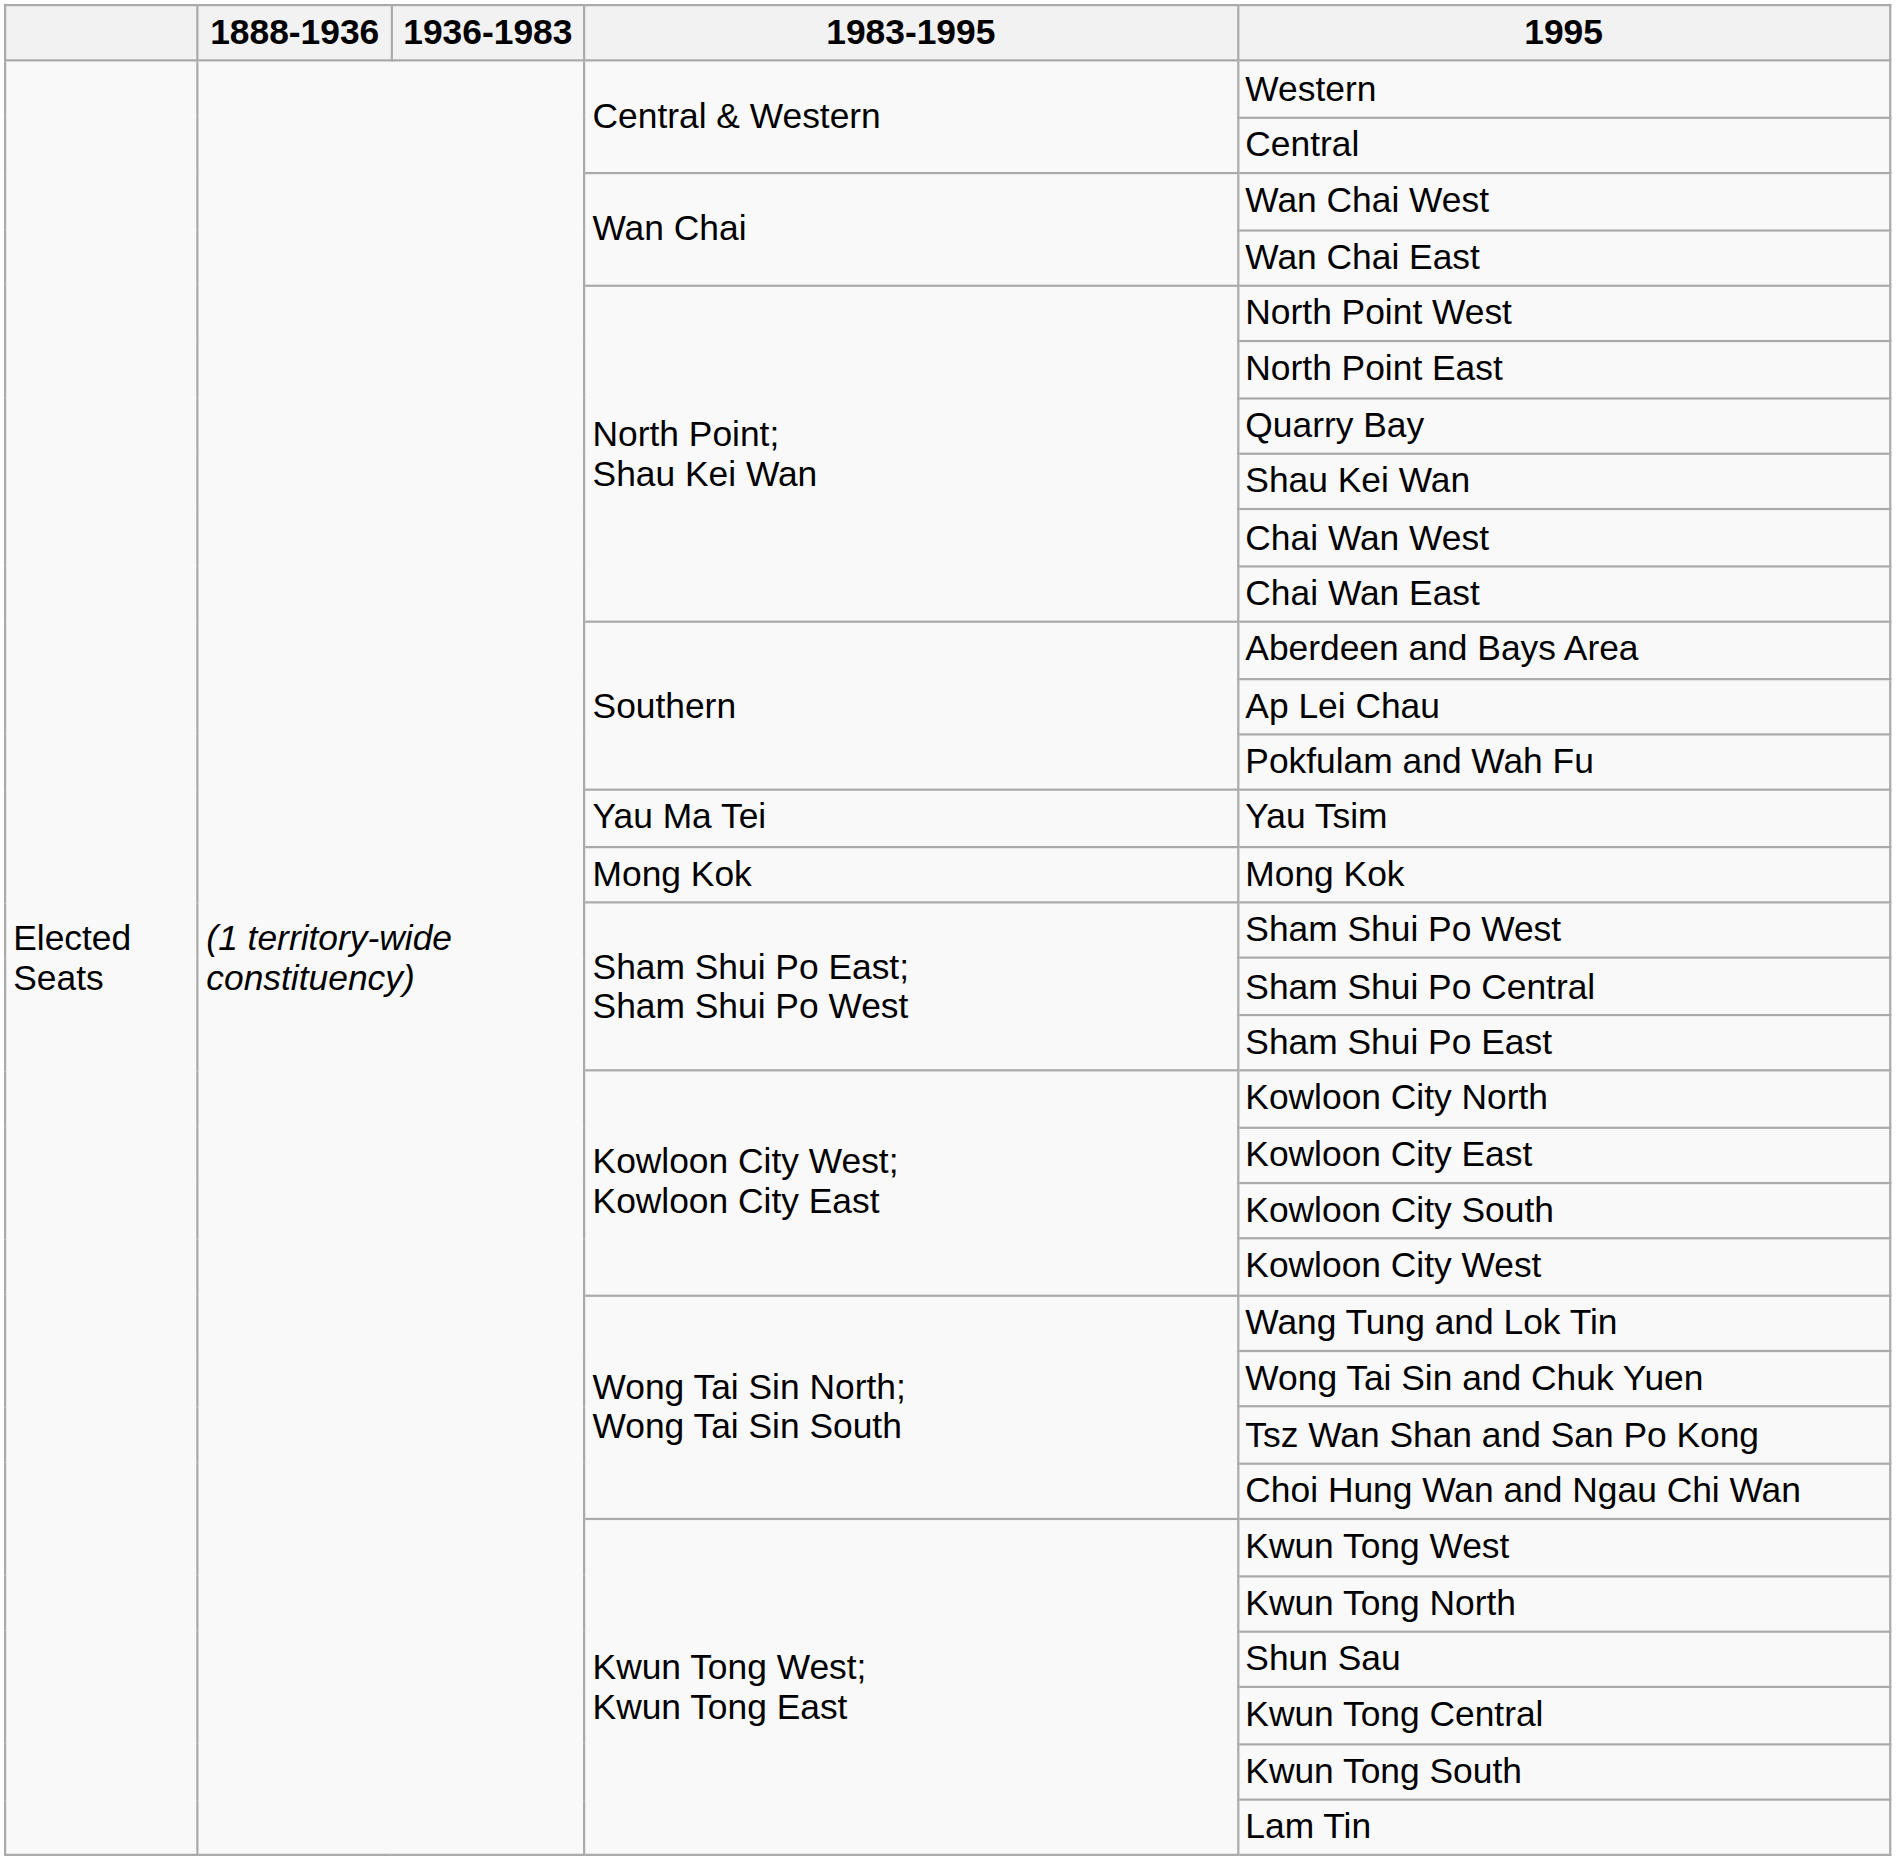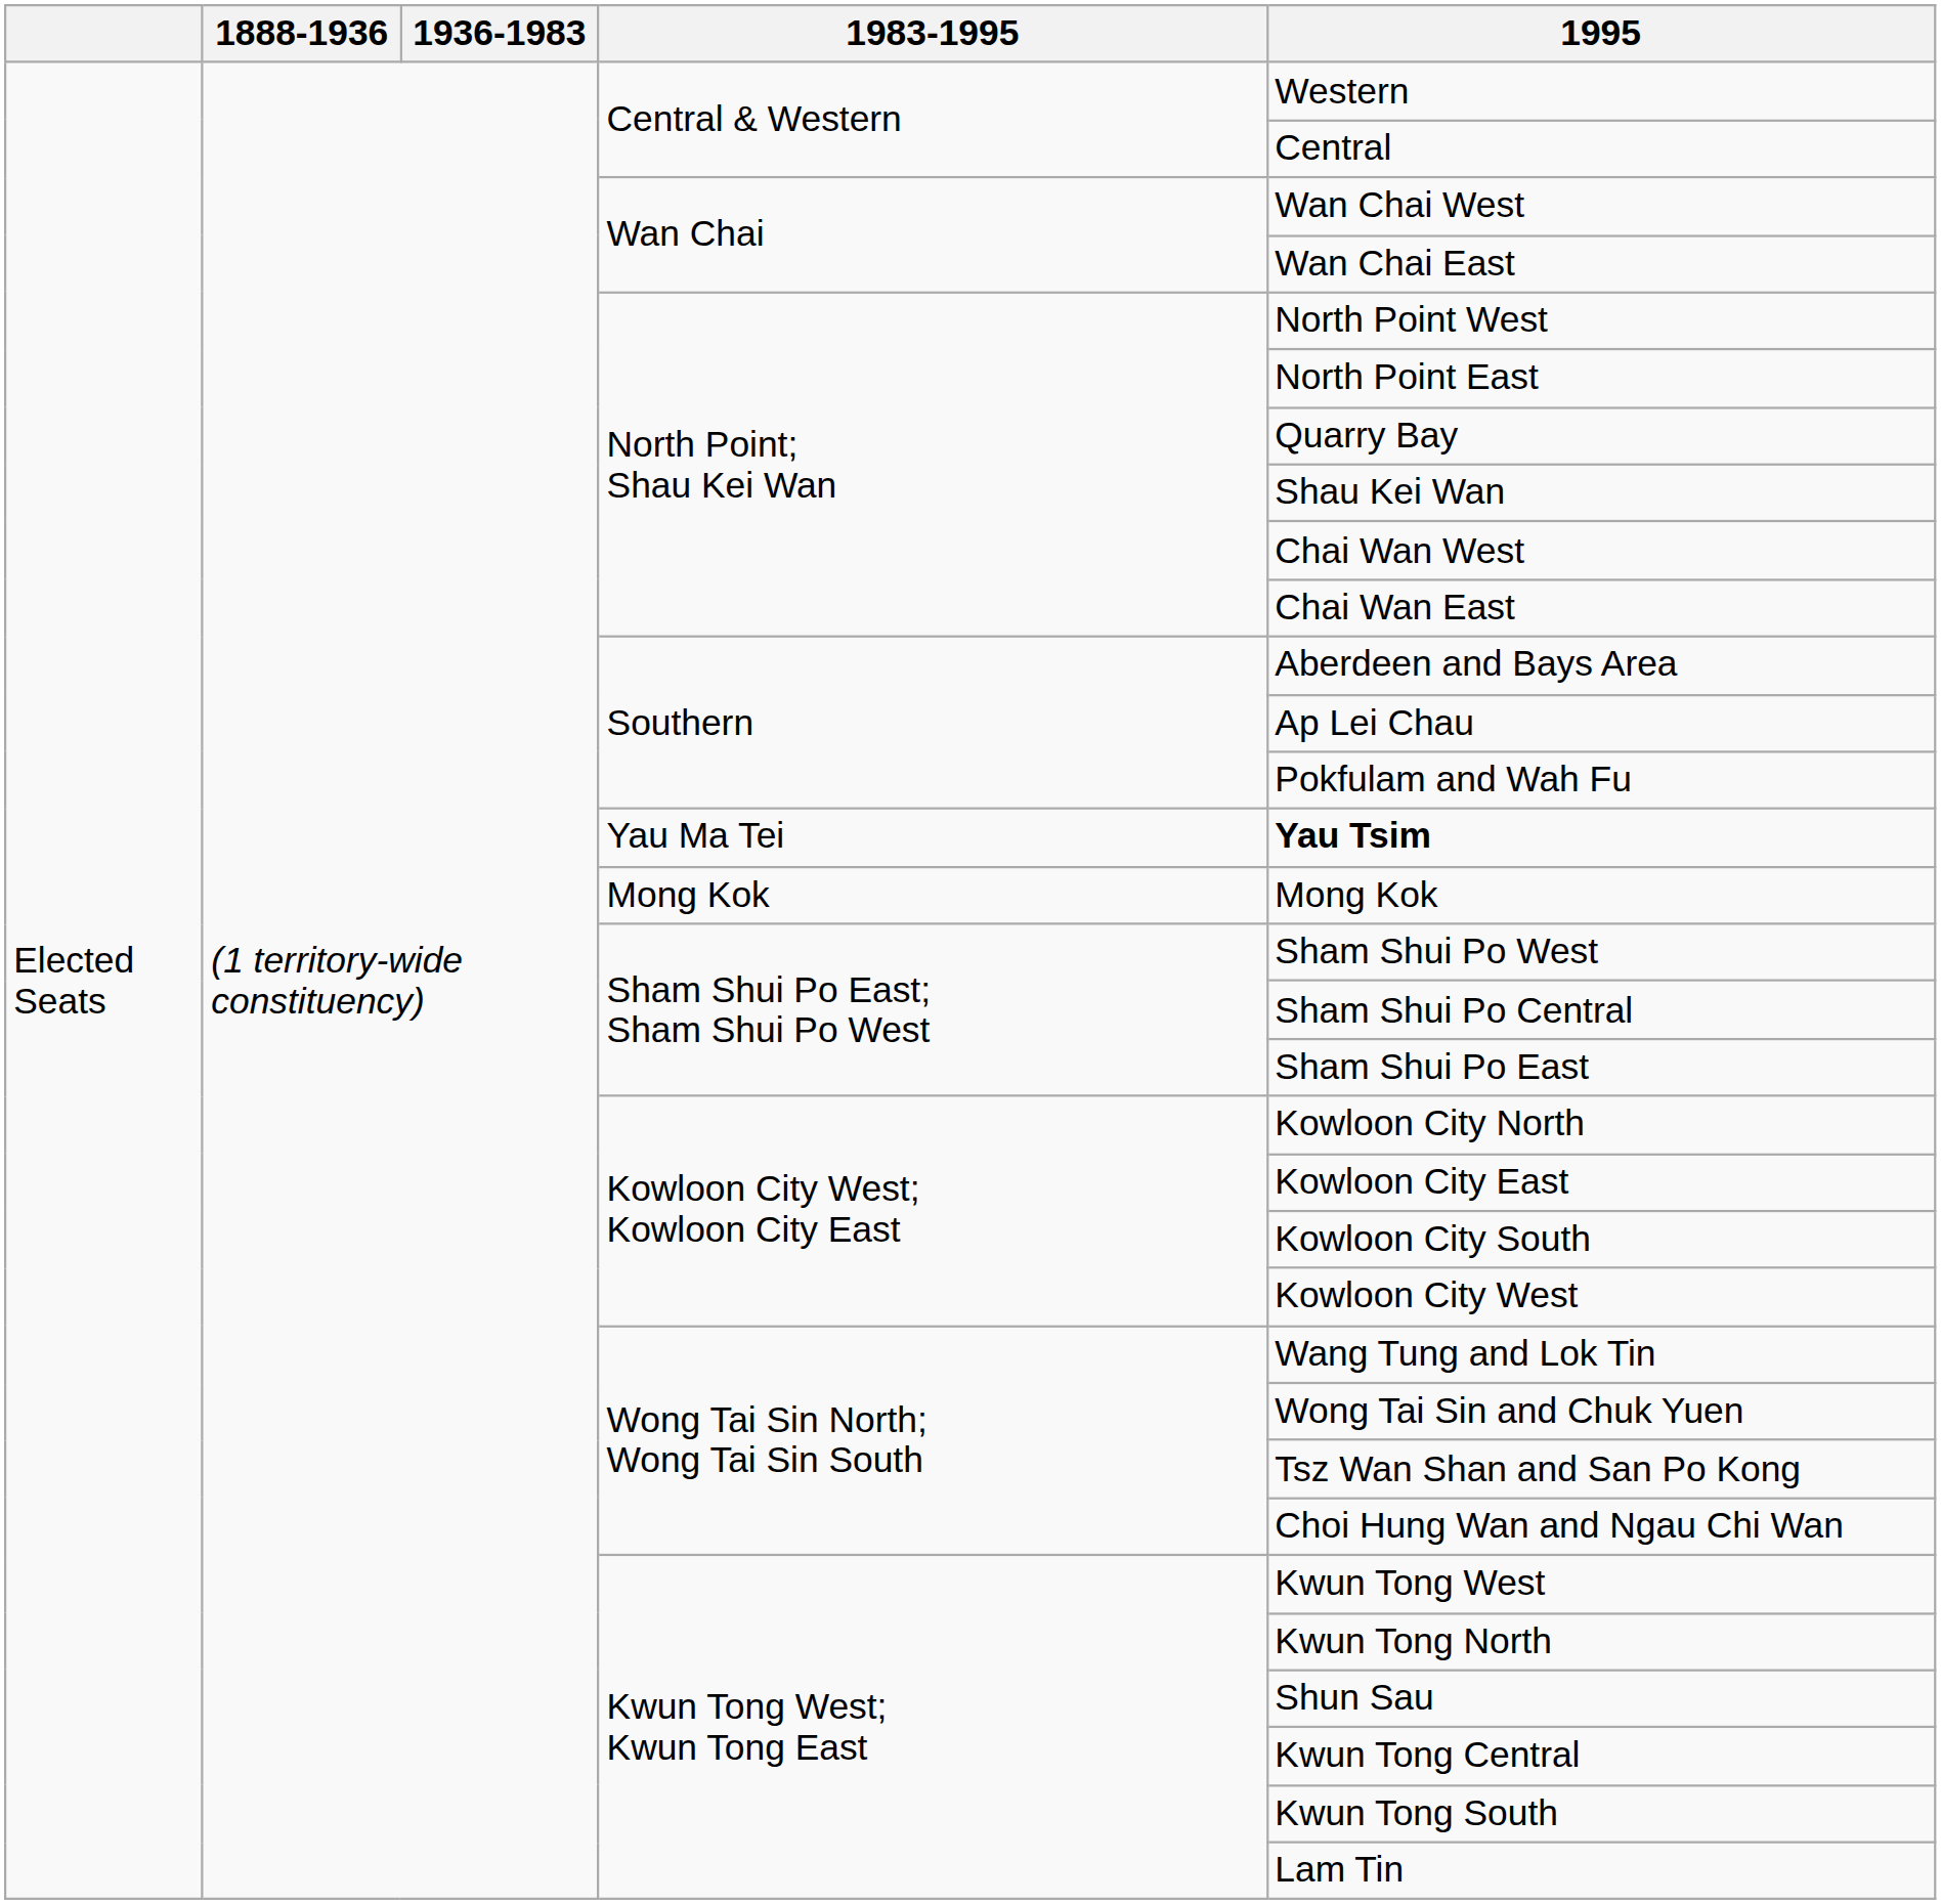 <table class="wikitable">
 <tr>
 <th style=width:5em></th>
 <th style=width:5em>1888-1936</th>
 <th style=width:5em>1936-1983</th>
 <th style=width:18em>1983-1995</th>
 <th style=width:18em>1995</th>
 </tr>
 <tr>
 <td rowspan="32">Elected<br>Seats</td>
 <td colspan="2" rowspan="32"><em>(1 territory-wide<br> constituency)</em></td>
 <td rowspan="2">Central & Western</td>
 <td>Western</td>
 </tr>
 <tr>
 <td>Central</td>
 </tr>
 <tr>
 <td rowspan="2">Wan Chai</td>
 <td>Wan Chai West</td>
 </tr>
 <tr>
 <td>Wan Chai East</td>
 </tr>
 <tr>
 <td rowspan="6">North Point;<br> Shau Kei Wan</td>
 <td>North Point West</td>
 </tr>
 <tr>
 <td>North Point East</td>
 </tr>
 <tr>
 <td>Quarry Bay</td>
 </tr>
 <tr>
 <td>Shau Kei Wan</td>
 </tr>
 <tr>
 <td>Chai Wan West</td>
 </tr>
 <tr>
 <td>Chai Wan East</td>
 </tr>
 <tr>
 <td rowspan="3">Southern</td>
 <td>Aberdeen and Bays Area</td>
 </tr>
 <tr>
 <td>Ap Lei Chau</td>
 </tr>
 <tr>
 <td>Pokfulam and Wah Fu</td>
 </tr>
 <tr>
 <td>Yau Ma Tei</td>
-<td>Yau Tsim</td>
+<td><strong>Yau Tsim</strong></td>
 </tr>
 <tr>
 <td>Mong Kok</td>
 <td>Mong Kok</td>
 </tr>
 <tr>
 <td rowspan="3">Sham Shui Po East;<br> Sham Shui Po West</td>
 <td>Sham Shui Po West</td>
 </tr>
 <tr>
 <td>Sham Shui Po Central</td>
 </tr>
 <tr>
 <td>Sham Shui Po East</td>
 </tr>
 <tr>
 <td rowspan="4">Kowloon City West;<br>Kowloon City East</td>
 <td>Kowloon City North</td>
 </tr>
 <tr>
 <td>Kowloon City East</td>
 </tr>
 <tr>
 <td>Kowloon City South</td>
 </tr>
 <tr>
 <td>Kowloon City West</td>
 </tr>
 <tr>
 <td rowspan="4">Wong Tai Sin North;<br>Wong Tai Sin South</td>
 <td>Wang Tung and Lok Tin</td>
 </tr>
 <tr>
 <td>Wong Tai Sin and Chuk Yuen</td>
 </tr>
 <tr>
 <td>Tsz Wan Shan and San Po Kong</td>
 </tr>
 <tr>
 <td>Choi Hung Wan and Ngau Chi Wan</td>
 </tr>
 <tr>
 <td rowspan="6">Kwun Tong West;<br> Kwun Tong East</td>
 <td>Kwun Tong West</td>
 </tr>
 <tr>
 <td>Kwun Tong North</td>
 </tr>
 <tr>
 <td>Shun Sau</td>
 </tr>
 <tr>
 <td>Kwun Tong Central</td>
 </tr>
 <tr>
 <td>Kwun Tong South</td>
 </tr>
 <tr>
 <td>Lam Tin</td>
 </tr>
 </table>
